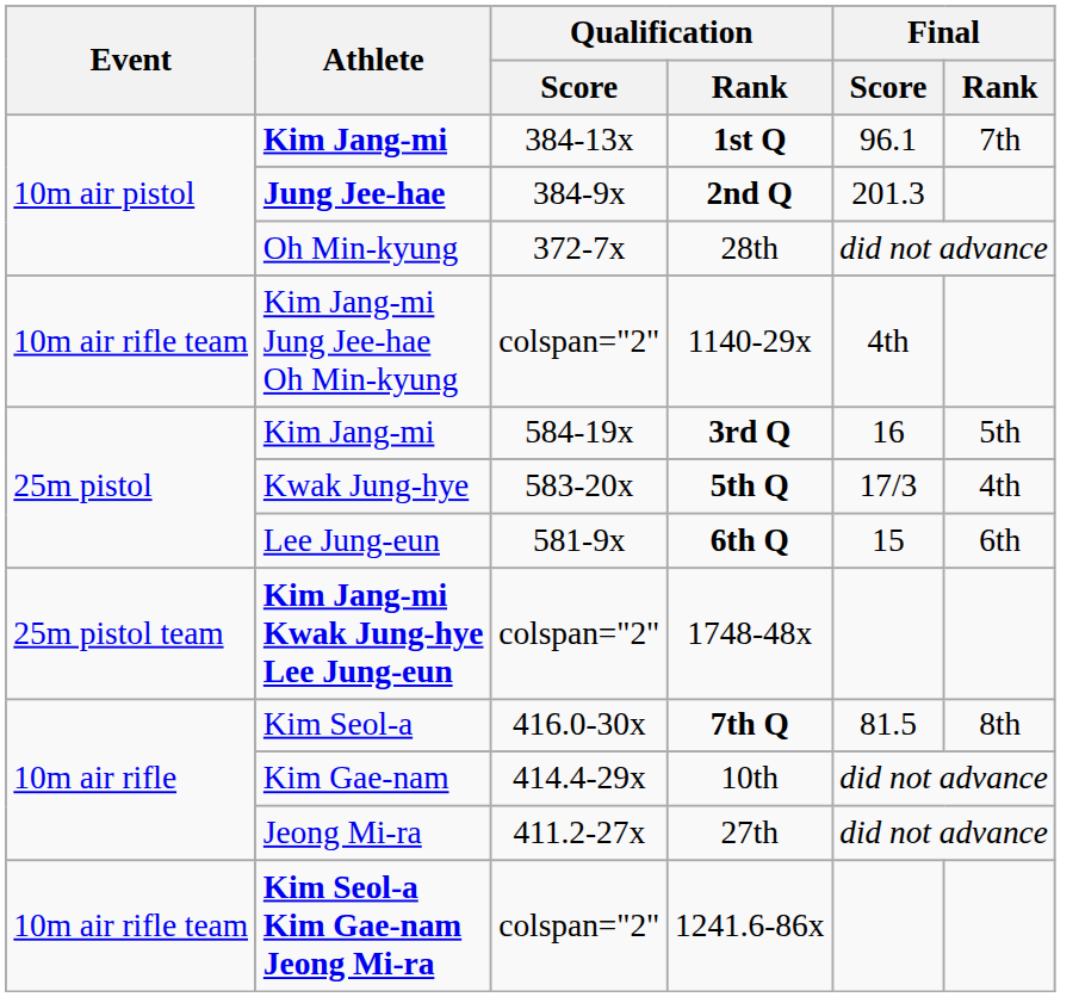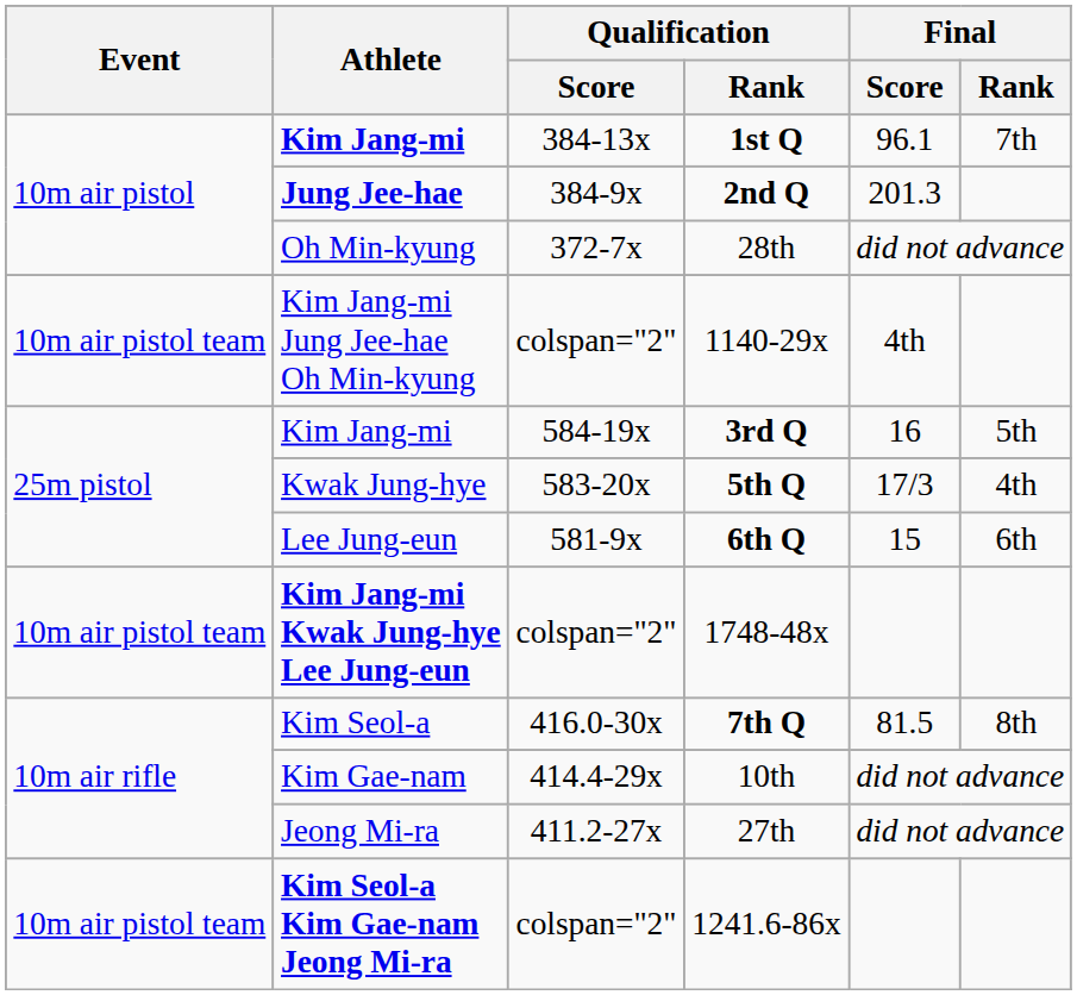 <table class="wikitable" style="font-size:90%">
 <tr>
 <th rowspan="2">Event</th>
 <th rowspan="2">Athlete</th>
 <th colspan="2">Qualification</th>
 <th colspan="2">Final</th>
 </tr>
 <tr>
 <th>Score</th>
 <th>Rank</th>
 <th>Score</th>
 <th>Rank</th>
 </tr>
 <tr>
 <td rowspan=3><a href='#'>10m air pistol</a></td>
 <td><strong><a href='#'>Kim Jang-mi</a></strong></td>
 <td align=center>384-13x</td>
 <td align=center><strong>1st Q</strong></td>
 <td align=center>96.1</td>
 <td align=center>7th</td>
 </tr>
 <tr>
 <td><strong><a href='#'>Jung Jee-hae</a></strong></td>
 <td align=center>384-9x</td>
 <td align=center><strong>2nd Q</strong></td>
 <td align=center>201.3</td>
 <td align=center></td>
 </tr>
 <tr>
 <td><a href='#'>Oh Min-kyung</a></td>
 <td align=center>372-7x</td>
 <td align=center>28th</td>
 <td align=center colspan=2><em>did not advance</em></td>
 </tr>
 <tr>
-<td><a href='#'>10m air rifle team</a></td>
+<td><a href='#'>10m air pistol team</a></td>
 <td><a href='#'>Kim Jang-mi</a><br><a href='#'>Jung Jee-hae</a><br><a href='#'>Oh Min-kyung</a></td>
 <td>colspan="2" </td>
 <td align=center>1140-29x</td>
 <td align=center>4th</td>
 </tr>
 <tr>
 <td rowspan=3><a href='#'>25m pistol</a></td>
 <td><a href='#'>Kim Jang-mi</a></td>
 <td align=center>584-19x</td>
 <td align=center><strong>3rd Q</strong></td>
 <td align=center>16</td>
 <td align=center>5th</td>
 </tr>
 <tr>
 <td><a href='#'>Kwak Jung-hye</a></td>
 <td align=center>583-20x</td>
 <td align=center><strong>5th Q</strong></td>
 <td align=center>17/3</td>
 <td align=center>4th</td>
 </tr>
 <tr>
 <td><a href='#'>Lee Jung-eun</a></td>
 <td align=center>581-9x</td>
 <td align=center><strong>6th Q</strong></td>
 <td align=center>15</td>
 <td align=center>6th</td>
 </tr>
 <tr>
-<td><a href='#'>25m pistol team</a></td>
+<td><a href='#'>10m air pistol team</a></td>
 <td><strong><a href='#'>Kim Jang-mi</a><br><a href='#'>Kwak Jung-hye</a><br><a href='#'>Lee Jung-eun</a></strong></td>
 <td>colspan="2" </td>
 <td align=center>1748-48x</td>
 <td align=center></td>
 </tr>
 <tr>
 <td rowspan=3><a href='#'>10m air rifle</a></td>
 <td><a href='#'>Kim Seol-a</a></td>
 <td align=center>416.0-30x</td>
 <td align=center><strong>7th Q</strong></td>
 <td align=center>81.5</td>
 <td align=center>8th</td>
 </tr>
 <tr>
 <td><a href='#'>Kim Gae-nam</a></td>
 <td align=center>414.4-29x</td>
 <td align=center>10th</td>
 <td align=center colspan=2><em>did not advance</em></td>
 </tr>
 <tr>
 <td><a href='#'>Jeong Mi-ra</a></td>
 <td align=center>411.2-27x</td>
 <td align=center>27th</td>
 <td align=center colspan=2><em>did not advance</em></td>
 </tr>
 <tr>
-<td><a href='#'>10m air rifle team</a></td>
+<td><a href='#'>10m air pistol team</a></td>
 <td><strong><a href='#'>Kim Seol-a</a><br><a href='#'>Kim Gae-nam</a><br><a href='#'>Jeong Mi-ra</a></strong></td>
 <td>colspan="2" </td>
 <td align=center>1241.6-86x</td>
 <td align=center></td>
 </tr>
 </table>
